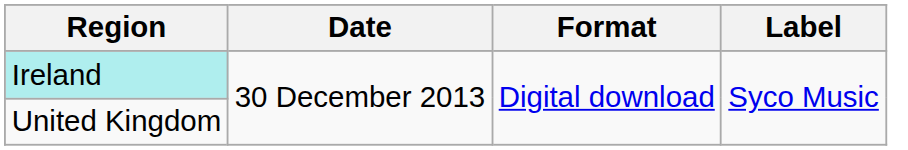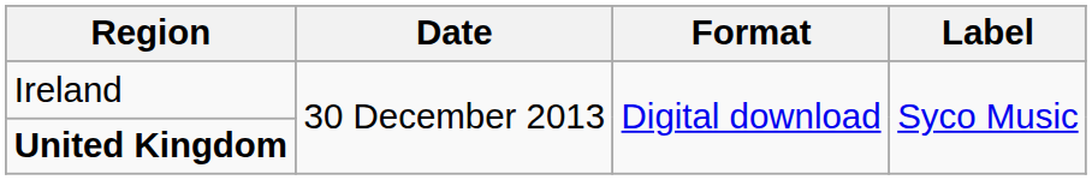 <table class=wikitable>
 <tr>
 <th>Region</th>
 <th>Date</th>
 <th>Format</th>
 <th>Label</th>
 </tr>
 <tr>
-<td scope="row" style="background: paleturquoise;">Ireland</td>
+<td scope="row">Ireland</td>
 <td rowspan="2">30 December 2013</td>
 <td rowspan="2"><a href='#'>Digital download</a></td>
 <td rowspan="2"><a href='#'>Syco Music</a></td>
 </tr>
 <tr>
-<td scope="row">United Kingdom</td>
+<td scope="row"><strong>United Kingdom</strong></td>
 </tr>
 </table>
